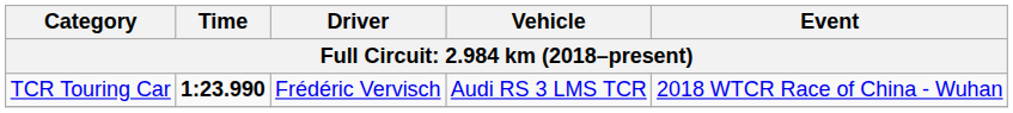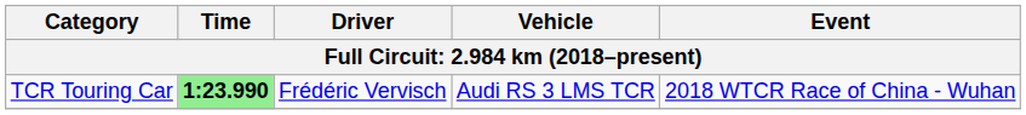 <table class="wikitable">
 <tr>
 <th>Category</th>
 <th>Time</th>
 <th>Driver</th>
 <th>Vehicle</th>
 <th>Event</th>
 </tr>
 <tr>
 <th colspan=5>Full Circuit: 2.984 km (2018–present)</th>
 </tr>
 <tr>
 <td><a href='#'>TCR Touring Car</a></td>
-<td><strong>1:23.990</strong></td>
+<td style="background: lightgreen;"><strong>1:23.990</strong></td>
 <td><a href='#'>Frédéric Vervisch</a></td>
 <td><a href='#'>Audi RS 3 LMS TCR</a></td>
 <td><a href='#'>2018 WTCR Race of China - Wuhan</a></td>
 </tr>
 <tr>
 </tr>
 </table>
